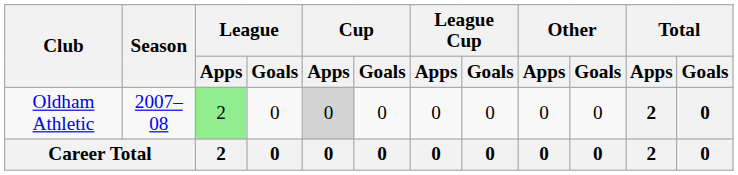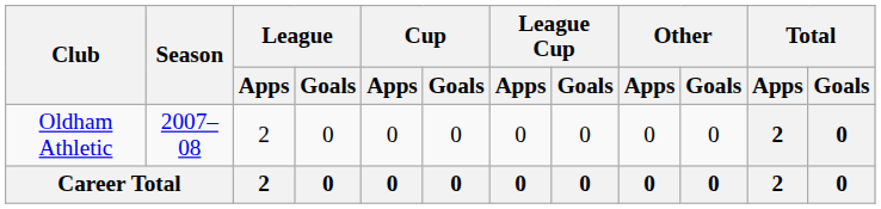 <table class="wikitable" style="text-align: center;">
 <tr>
 <th rowspan=2>Club</th>
 <th rowspan=2>Season</th>
 <th colspan=2>League</th>
 <th colspan=2>Cup</th>
 <th colspan=2>League Cup</th>
 <th colspan=2>Other</th>
 <th colspan=2>Total</th>
 </tr>
 <tr>
 <th>Apps</th>
 <th>Goals</th>
 <th>Apps</th>
 <th>Goals</th>
 <th>Apps</th>
 <th>Goals</th>
 <th>Apps</th>
 <th>Goals</th>
 <th>Apps</th>
 <th>Goals</th>
 </tr>
 <tr>
 <td><a href='#'>Oldham Athletic</a></td>
 <td><a href='#'>2007–08</a></td>
-<td style="background: lightgreen;">2</td>
+<td>2</td>
 <td>0</td>
-<td style="background: lightgrey;">0</td>
+<td>0</td>
 <td>0</td>
 <td>0</td>
 <td>0</td>
 <td>0</td>
 <td>0</td>
 <th>2</th>
 <th>0</th>
 </tr>
 <tr>
 <th colspan=2>Career Total</th>
 <th>2</th>
 <th>0</th>
 <th>0</th>
 <th>0</th>
 <th>0</th>
 <th>0</th>
 <th>0</th>
 <th>0</th>
 <th>2</th>
 <th>0</th>
 </tr>
 </table>
